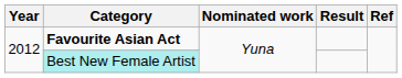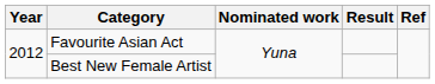 <table class="wikitable">
 <tr>
 <th>Year</th>
 <th>Category</th>
 <th>Nominated work</th>
 <th>Result</th>
 <th>Ref</th>
 </tr>
 <tr>
 <td rowspan="4">2012</td>
-<td><strong>Favourite Asian Act</strong></td>
+<td>Favourite Asian Act</td>
 <td rowspan="2" style="text-align: center;"><em>Yuna</em></td>
 <td></td>
 <td rowspan="2" style="text-align: center;"></td>
 </tr>
 <tr>
-<td style="background: paleturquoise;">Best New Female Artist</td>
+<td>Best New Female Artist</td>
 <td></td>
 </tr>
 </table>
